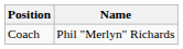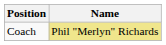 <table class="wikitable">
 <tr>
 <th>Position</th>
 <th>Name</th>
 </tr>
 <tr>
 <td>Coach</td>
-<td>Phil "Merlyn" Richards</td>
+<td style="background: khaki;">Phil "Merlyn" Richards</td>
 </tr>
 </table>
